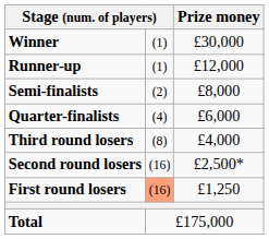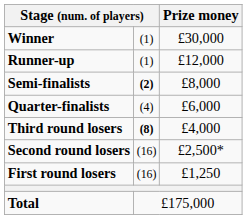 <table class="wikitable">
 <tr>
 <th colspan=2>Stage <small>(num. of players)</small></th>
 <th>Prize money</th>
 </tr>
 <tr>
 <td><strong>Winner</strong></td>
 <td align=center><small>(1)</small></td>
 <td align=center>£30,000</td>
 </tr>
 <tr>
 <td><strong>Runner-up</strong></td>
 <td align=center><small>(1)</small></td>
 <td align=center>£12,000</td>
 </tr>
 <tr>
 <td><strong>Semi-finalists</strong></td>
-<td align=center><small>(2)</small></td>
+<td align=center><strong><small>(2)</small></strong></td>
 <td align=center>£8,000</td>
 </tr>
 <tr>
 <td><strong>Quarter-finalists</strong></td>
 <td align=center><small>(4)</small></td>
 <td align=center>£6,000</td>
 </tr>
 <tr>
 <td><strong>Third round losers</strong></td>
-<td align=center><small>(8)</small></td>
+<td align=center><strong><small>(8)</small></strong></td>
 <td align=center>£4,000</td>
 </tr>
 <tr>
 <td><strong>Second round losers</strong></td>
 <td align=center><small>(16)</small></td>
 <td align=center>£2,500*</td>
 </tr>
 <tr>
 <td><strong>First round losers</strong></td>
-<td align=center style="background: lightsalmon;"><small>(16)</small></td>
+<td align=center><small>(16)</small></td>
 <td align=center>£1,250</td>
 </tr>
 <tr>
 <th colspan=3></th>
 </tr>
 <tr>
 <td><strong>Total</strong></td>
 <td align=center colspan=2>£175,000</td>
 </tr>
 </table>
